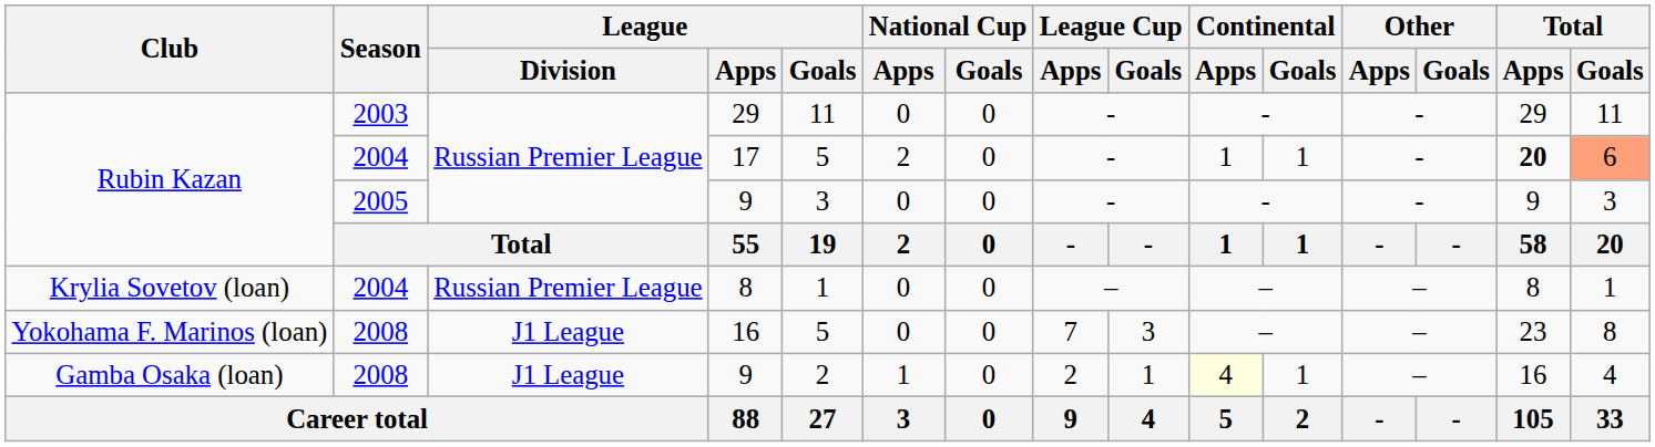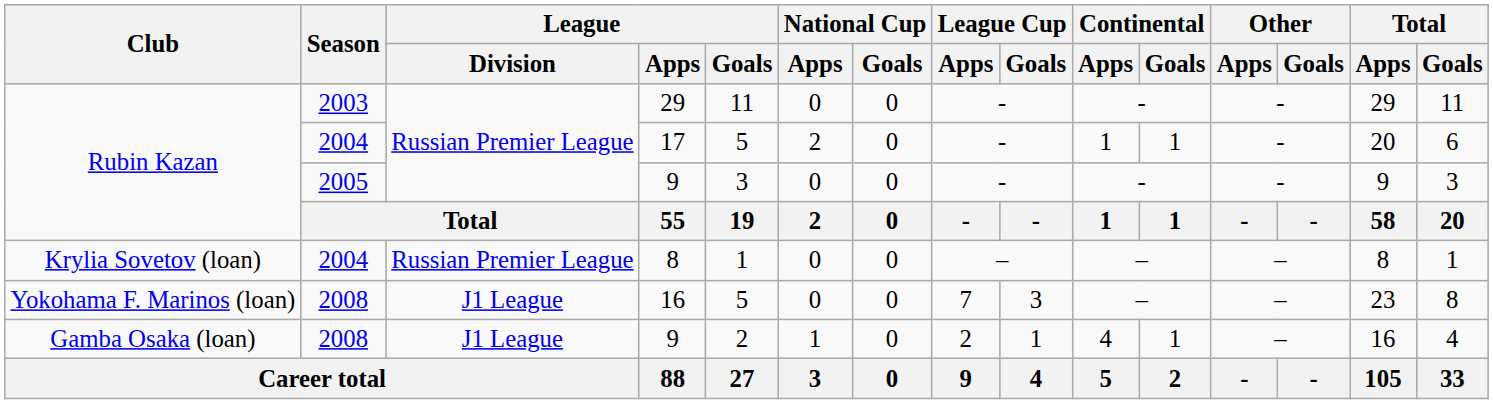 <table class="wikitable" style="text-align: center">
 <tr>
 <th rowspan="2">Club</th>
 <th rowspan="2">Season</th>
 <th colspan="3">League</th>
 <th colspan="2">National Cup</th>
 <th colspan="2">League Cup</th>
 <th colspan="2">Continental</th>
 <th colspan="2">Other</th>
 <th colspan="2">Total</th>
 </tr>
 <tr>
 <th>Division</th>
 <th>Apps</th>
 <th>Goals</th>
 <th>Apps</th>
 <th>Goals</th>
 <th>Apps</th>
 <th>Goals</th>
 <th>Apps</th>
 <th>Goals</th>
 <th>Apps</th>
 <th>Goals</th>
 <th>Apps</th>
 <th>Goals</th>
 </tr>
 <tr>
 <td rowspan="4"><a href='#'>Rubin Kazan</a></td>
 <td><a href='#'>2003</a></td>
 <td rowspan="3"><a href='#'>Russian Premier League</a></td>
 <td>29</td>
 <td>11</td>
 <td>0</td>
 <td>0</td>
 <td colspan="2">-</td>
 <td colspan="2">-</td>
 <td colspan="2">-</td>
 <td>29</td>
 <td>11</td>
 </tr>
 <tr>
 <td><a href='#'>2004</a></td>
 <td>17</td>
 <td>5</td>
 <td>2</td>
 <td>0</td>
 <td colspan="2">-</td>
 <td>1</td>
 <td>1</td>
 <td colspan="2">-</td>
-<td><strong>20</strong></td>
-<td style="background: lightsalmon;">6</td>
+<td>20</td>
+<td>6</td>
 </tr>
 <tr>
 <td><a href='#'>2005</a></td>
 <td>9</td>
 <td>3</td>
 <td>0</td>
 <td>0</td>
 <td colspan="2">-</td>
 <td colspan="2">-</td>
 <td colspan="2">-</td>
 <td>9</td>
 <td>3</td>
 </tr>
 <tr>
 <th colspan="2">Total</th>
 <th>55</th>
 <th>19</th>
 <th>2</th>
 <th>0</th>
 <th>-</th>
 <th>-</th>
 <th>1</th>
 <th>1</th>
 <th>-</th>
 <th>-</th>
 <th>58</th>
 <th>20</th>
 </tr>
 <tr>
 <td><a href='#'>Krylia Sovetov</a> (loan)</td>
 <td><a href='#'>2004</a></td>
 <td><a href='#'>Russian Premier League</a></td>
 <td>8</td>
 <td>1</td>
 <td>0</td>
 <td>0</td>
 <td colspan="2">–</td>
 <td colspan="2">–</td>
 <td colspan="2">–</td>
 <td>8</td>
 <td>1</td>
 </tr>
 <tr>
 <td><a href='#'>Yokohama F. Marinos</a> (loan)</td>
 <td><a href='#'>2008</a></td>
 <td><a href='#'>J1 League</a></td>
 <td>16</td>
 <td>5</td>
 <td>0</td>
 <td>0</td>
 <td>7</td>
 <td>3</td>
 <td colspan="2">–</td>
 <td colspan="2">–</td>
 <td>23</td>
 <td>8</td>
 </tr>
 <tr>
 <td><a href='#'>Gamba Osaka</a> (loan)</td>
 <td><a href='#'>2008</a></td>
 <td><a href='#'>J1 League</a></td>
 <td>9</td>
 <td>2</td>
 <td>1</td>
 <td>0</td>
 <td>2</td>
 <td>1</td>
-<td style="background: lightyellow;">4</td>
+<td>4</td>
 <td>1</td>
 <td colspan="2">–</td>
 <td>16</td>
 <td>4</td>
 </tr>
 <tr>
 <th colspan="3">Career total</th>
 <th>88</th>
 <th>27</th>
 <th>3</th>
 <th>0</th>
 <th>9</th>
 <th>4</th>
 <th>5</th>
 <th>2</th>
 <th>-</th>
 <th>-</th>
 <th>105</th>
 <th>33</th>
 </tr>
 </table>
